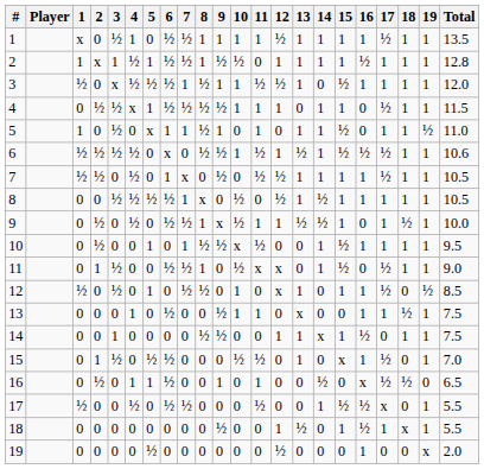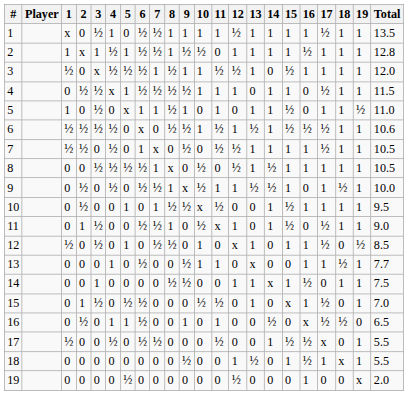 <table class="wikitable" style="text-align: left">
 <tr>
 <th>#</th>
 <th>Player</th>
 <th>1</th>
 <th>2</th>
 <th>3</th>
 <th>4</th>
 <th>5</th>
 <th>6</th>
 <th>7</th>
 <th>8</th>
 <th>9</th>
 <th>10</th>
 <th>11</th>
 <th>12</th>
 <th>13</th>
 <th>14</th>
 <th>15</th>
 <th>16</th>
 <th>17</th>
 <th>18</th>
 <th>19</th>
 <th>Total</th>
 </tr>
 <tr>
 <td>1</td>
 <td align=left></td>
 <td>x</td>
 <td>0</td>
 <td>½</td>
 <td>1</td>
 <td>0</td>
 <td>½</td>
 <td>½</td>
 <td>1</td>
 <td>1</td>
 <td>1</td>
 <td>1</td>
 <td>½</td>
 <td>1</td>
 <td>1</td>
 <td>1</td>
 <td>1</td>
 <td>½</td>
 <td>1</td>
 <td>1</td>
 <td>13.5</td>
 </tr>
 <tr>
 <td>2</td>
 <td align=left></td>
 <td>1</td>
 <td>x</td>
 <td>1</td>
 <td>½</td>
 <td>1</td>
 <td>½</td>
 <td>½</td>
 <td>1</td>
 <td>½</td>
 <td>½</td>
 <td>0</td>
 <td>1</td>
 <td>1</td>
 <td>1</td>
 <td>1</td>
 <td>½</td>
 <td>1</td>
 <td>1</td>
 <td>1</td>
 <td>12.8</td>
 </tr>
 <tr>
 <td>3</td>
 <td align=left></td>
 <td>½</td>
 <td>0</td>
 <td>x</td>
 <td>½</td>
 <td>½</td>
 <td>½</td>
 <td>1</td>
 <td>½</td>
 <td>1</td>
 <td>1</td>
 <td>½</td>
 <td>½</td>
 <td>1</td>
 <td>0</td>
 <td>½</td>
 <td>1</td>
 <td>1</td>
 <td>1</td>
 <td>1</td>
 <td>12.0</td>
 </tr>
 <tr>
 <td>4</td>
 <td align=left></td>
 <td>0</td>
 <td>½</td>
 <td>½</td>
 <td>x</td>
 <td>1</td>
 <td>½</td>
 <td>½</td>
 <td>½</td>
 <td>½</td>
 <td>1</td>
 <td>1</td>
 <td>1</td>
 <td>0</td>
 <td>1</td>
 <td>1</td>
 <td>0</td>
 <td>½</td>
 <td>1</td>
 <td>1</td>
 <td>11.5</td>
 </tr>
 <tr>
 <td>5</td>
 <td align=left></td>
 <td>1</td>
 <td>0</td>
 <td>½</td>
 <td>0</td>
 <td>x</td>
 <td>1</td>
 <td>1</td>
 <td>½</td>
 <td>1</td>
 <td>0</td>
 <td>1</td>
 <td>0</td>
 <td>1</td>
 <td>1</td>
 <td>½</td>
 <td>0</td>
 <td>1</td>
 <td>1</td>
 <td>½</td>
 <td>11.0</td>
 </tr>
 <tr>
 <td>6</td>
 <td align=left></td>
 <td>½</td>
 <td>½</td>
 <td>½</td>
 <td>½</td>
 <td>0</td>
 <td>x</td>
 <td>0</td>
 <td>½</td>
 <td>½</td>
 <td>1</td>
 <td>½</td>
 <td>1</td>
 <td>½</td>
 <td>1</td>
 <td>½</td>
 <td>½</td>
 <td>½</td>
 <td>1</td>
 <td>1</td>
 <td>10.6</td>
 </tr>
 <tr>
 <td>7</td>
 <td align=left></td>
 <td>½</td>
 <td>½</td>
 <td>0</td>
 <td>½</td>
 <td>0</td>
 <td>1</td>
 <td>x</td>
 <td>0</td>
 <td>½</td>
 <td>0</td>
 <td>½</td>
 <td>½</td>
 <td>1</td>
 <td>1</td>
 <td>1</td>
 <td>1</td>
 <td>½</td>
 <td>1</td>
 <td>1</td>
 <td>10.5</td>
 </tr>
 <tr>
 <td>8</td>
 <td align=left></td>
 <td>0</td>
 <td>0</td>
 <td>½</td>
 <td>½</td>
 <td>½</td>
 <td>½</td>
 <td>1</td>
 <td>x</td>
 <td>0</td>
 <td>½</td>
 <td>0</td>
 <td>½</td>
 <td>1</td>
 <td>½</td>
 <td>1</td>
 <td>1</td>
 <td>1</td>
 <td>1</td>
 <td>1</td>
 <td>10.5</td>
 </tr>
 <tr>
 <td>9</td>
 <td align=left></td>
 <td>0</td>
 <td>½</td>
 <td>0</td>
 <td>½</td>
 <td>0</td>
 <td>½</td>
 <td>½</td>
 <td>1</td>
 <td>x</td>
 <td>½</td>
 <td>1</td>
 <td>1</td>
 <td>½</td>
 <td>½</td>
 <td>1</td>
 <td>0</td>
 <td>1</td>
 <td>½</td>
 <td>1</td>
 <td>10.0</td>
 </tr>
 <tr>
 <td>10</td>
 <td align=left></td>
 <td>0</td>
 <td>½</td>
 <td>0</td>
 <td>0</td>
 <td>1</td>
 <td>0</td>
 <td>1</td>
 <td>½</td>
 <td>½</td>
 <td>x</td>
 <td>½</td>
 <td>0</td>
 <td>0</td>
 <td>1</td>
 <td>½</td>
 <td>1</td>
 <td>1</td>
 <td>1</td>
 <td>1</td>
 <td>9.5</td>
 </tr>
 <tr>
 <td>11</td>
 <td align=left></td>
 <td>0</td>
 <td>1</td>
 <td>½</td>
 <td>0</td>
 <td>0</td>
 <td>½</td>
 <td>½</td>
 <td>1</td>
 <td>0</td>
 <td>½</td>
 <td>x</td>
-<td>x</td>
+<td>1</td>
 <td>0</td>
 <td>1</td>
 <td>½</td>
 <td>0</td>
 <td>½</td>
 <td>1</td>
 <td>1</td>
 <td>9.0</td>
 </tr>
 <tr>
 <td>12</td>
 <td align=left></td>
 <td>½</td>
 <td>0</td>
 <td>½</td>
 <td>0</td>
 <td>1</td>
 <td>0</td>
 <td>½</td>
 <td>½</td>
 <td>0</td>
 <td>1</td>
 <td>0</td>
 <td>x</td>
 <td>1</td>
 <td>0</td>
 <td>1</td>
 <td>1</td>
 <td>½</td>
 <td>0</td>
 <td>½</td>
 <td>8.5</td>
 </tr>
 <tr>
 <td>13</td>
 <td align=left></td>
 <td>0</td>
 <td>0</td>
 <td>0</td>
 <td>1</td>
 <td>0</td>
 <td>½</td>
 <td>0</td>
 <td>0</td>
 <td>½</td>
 <td>1</td>
 <td>1</td>
 <td>0</td>
 <td>x</td>
 <td>0</td>
 <td>0</td>
 <td>1</td>
 <td>1</td>
 <td>½</td>
 <td>1</td>
-<td>7.5</td>
+<td>7.7</td>
 </tr>
 <tr>
 <td>14</td>
 <td align=left></td>
 <td>0</td>
 <td>0</td>
 <td>1</td>
 <td>0</td>
 <td>0</td>
 <td>0</td>
 <td>0</td>
 <td>½</td>
 <td>½</td>
 <td>0</td>
 <td>0</td>
 <td>1</td>
 <td>1</td>
 <td>x</td>
 <td>1</td>
 <td>½</td>
 <td>0</td>
 <td>1</td>
 <td>1</td>
 <td>7.5</td>
 </tr>
 <tr>
 <td>15</td>
 <td align=left></td>
 <td>0</td>
 <td>1</td>
 <td>½</td>
 <td>0</td>
 <td>½</td>
 <td>½</td>
 <td>0</td>
 <td>0</td>
 <td>0</td>
 <td>½</td>
 <td>½</td>
 <td>0</td>
 <td>1</td>
 <td>0</td>
 <td>x</td>
 <td>1</td>
 <td>½</td>
 <td>0</td>
 <td>1</td>
 <td>7.0</td>
 </tr>
 <tr>
 <td>16</td>
 <td align=left></td>
 <td>0</td>
 <td>½</td>
 <td>0</td>
 <td>1</td>
 <td>1</td>
 <td>½</td>
 <td>0</td>
 <td>0</td>
 <td>1</td>
 <td>0</td>
 <td>1</td>
 <td>0</td>
 <td>0</td>
 <td>½</td>
 <td>0</td>
 <td>x</td>
 <td>½</td>
 <td>½</td>
 <td>0</td>
 <td>6.5</td>
 </tr>
 <tr>
 <td>17</td>
 <td align=left></td>
 <td>½</td>
 <td>0</td>
 <td>0</td>
 <td>½</td>
 <td>0</td>
 <td>½</td>
 <td>½</td>
 <td>0</td>
 <td>0</td>
 <td>0</td>
 <td>½</td>
 <td>0</td>
 <td>0</td>
 <td>1</td>
 <td>½</td>
 <td>½</td>
 <td>x</td>
 <td>0</td>
 <td>1</td>
 <td>5.5</td>
 </tr>
 <tr>
 <td>18</td>
 <td align=left></td>
 <td>0</td>
 <td>0</td>
 <td>0</td>
 <td>0</td>
 <td>0</td>
 <td>0</td>
 <td>0</td>
 <td>0</td>
 <td>½</td>
 <td>0</td>
 <td>0</td>
 <td>1</td>
 <td>½</td>
 <td>0</td>
 <td>1</td>
 <td>½</td>
 <td>1</td>
 <td>x</td>
 <td>1</td>
 <td>5.5</td>
 </tr>
 <tr>
 <td>19</td>
 <td align=left></td>
 <td>0</td>
 <td>0</td>
 <td>0</td>
 <td>0</td>
 <td>½</td>
 <td>0</td>
 <td>0</td>
 <td>0</td>
 <td>0</td>
 <td>0</td>
 <td>0</td>
 <td>½</td>
 <td>0</td>
 <td>0</td>
 <td>0</td>
 <td>1</td>
 <td>0</td>
 <td>0</td>
 <td>x</td>
 <td>2.0</td>
 </tr>
 </table>
